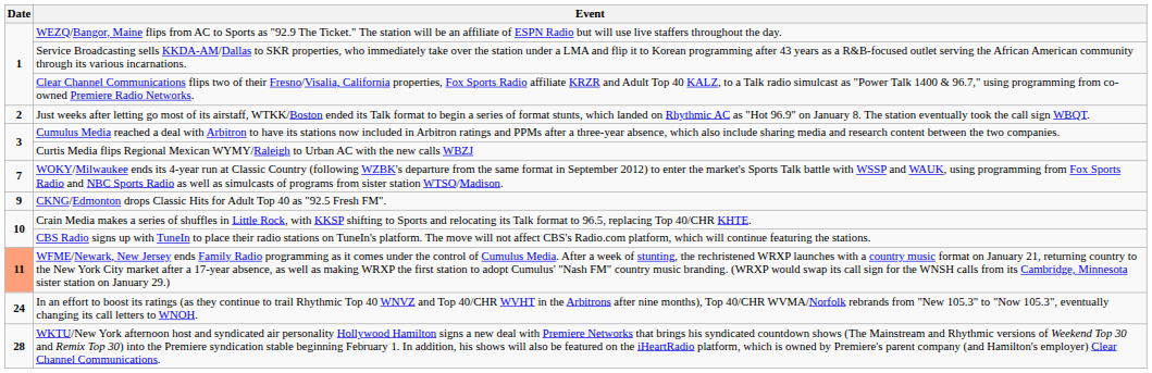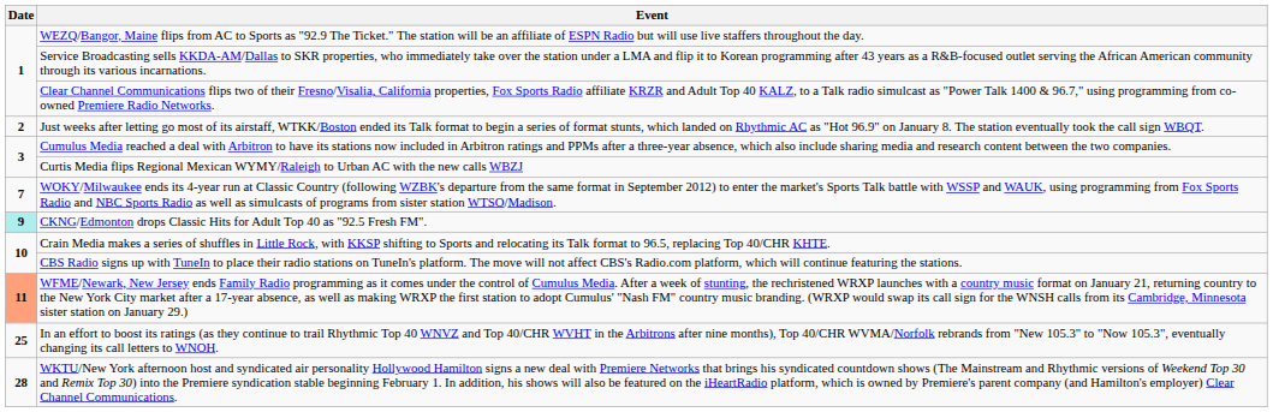 <table class="wikitable">
 <tr>
 <th>Date</th>
 <th>Event</th>
 </tr>
 <tr>
 <td style="text-align:center;" rowspan=3><strong>1</strong></td>
 <td><a href='#'>WEZQ</a>/<a href='#'>Bangor, Maine</a> flips from AC to Sports as "92.9 The Ticket." The station will be an affiliate of <a href='#'>ESPN Radio</a> but will use live staffers throughout the day.</td>
 </tr>
 <tr>
 <td>Service Broadcasting sells <a href='#'>KKDA-AM</a>/<a href='#'>Dallas</a> to SKR properties, who immediately take over the station under a LMA and flip it to Korean programming after 43 years as a R&B-focused outlet serving the African American community through its various incarnations.</td>
 </tr>
 <tr>
 <td><a href='#'>Clear Channel Communications</a> flips two of their <a href='#'>Fresno</a>/<a href='#'>Visalia, California</a> properties, <a href='#'>Fox Sports Radio</a> affiliate <a href='#'>KRZR</a> and Adult Top 40 <a href='#'>KALZ</a>, to a Talk radio simulcast as "Power Talk 1400 & 96.7," using programming from co-owned <a href='#'>Premiere Radio Networks</a>.</td>
 </tr>
 <tr>
 <td style="text-align:center;"><strong>2</strong></td>
 <td>Just weeks after letting go most of its airstaff, WTKK/<a href='#'>Boston</a> ended its Talk format to begin a series of format stunts, which landed on <a href='#'>Rhythmic AC</a> as "Hot 96.9" on January 8. The station eventually took the call sign <a href='#'>WBQT</a>.</td>
 </tr>
 <tr>
 <td style="text-align:center;" rowspan=2><strong>3</strong></td>
 <td><a href='#'>Cumulus Media</a> reached a deal with <a href='#'>Arbitron</a> to have its stations now included in Arbitron ratings and PPMs after a three-year absence, which also include sharing media and research content between the two companies.</td>
 </tr>
 <tr>
 <td>Curtis Media flips Regional Mexican WYMY/<a href='#'>Raleigh</a> to Urban AC with the new calls <a href='#'>WBZJ</a></td>
 </tr>
 <tr>
 <td style="text-align:center;"><strong>7</strong></td>
 <td><a href='#'>WOKY</a>/<a href='#'>Milwaukee</a> ends its 4-year run at Classic Country (following <a href='#'>WZBK</a>'s departure from the same format in September 2012) to enter the market's Sports Talk battle with <a href='#'>WSSP</a> and <a href='#'>WAUK</a>, using programming from <a href='#'>Fox Sports Radio</a> and <a href='#'>NBC Sports Radio</a> as well as simulcasts of programs from sister station <a href='#'>WTSO</a>/<a href='#'>Madison</a>.</td>
 </tr>
 <tr>
-<td style="text-align:center;"><strong>9</strong></td>
+<td style="background: paleturquoise; text-align:center;"><strong>9</strong></td>
 <td><a href='#'>CKNG</a>/<a href='#'>Edmonton</a> drops Classic Hits for Adult Top 40 as "92.5 Fresh FM".</td>
 </tr>
 <tr>
 <td style="text-align:center;" rowspan=2><strong>10</strong></td>
 <td>Crain Media makes a series of shuffles in <a href='#'>Little Rock</a>, with <a href='#'>KKSP</a> shifting to Sports and relocating its Talk format to 96.5, replacing Top 40/CHR <a href='#'>KHTE</a>.</td>
 </tr>
 <tr>
 <td><a href='#'>CBS Radio</a> signs up with <a href='#'>TuneIn</a> to place their radio stations on TuneIn's platform. The move will not affect CBS's Radio.com platform, which will continue featuring the stations.</td>
 </tr>
 <tr>
 <td style="background: lightsalmon; text-align:center;"><strong>11</strong></td>
 <td><a href='#'>WFME</a>/<a href='#'>Newark, New Jersey</a> ends <a href='#'>Family Radio</a> programming as it comes under the control of <a href='#'>Cumulus Media</a>. After a week of <a href='#'>stunting</a>, the rechristened WRXP launches with a <a href='#'>country music</a> format on January 21, returning country to the New York City market after a 17-year absence, as well as making WRXP the first station to adopt Cumulus' "Nash FM" country music branding. (WRXP would swap its call sign for the WNSH calls from its <a href='#'>Cambridge, Minnesota</a> sister station on January 29.)</td>
 </tr>
 <tr>
-<td style="text-align:center;"><strong>24</strong></td>
+<td style="text-align:center;"><strong>25</strong></td>
 <td>In an effort to boost its ratings (as they continue to trail Rhythmic Top 40 <a href='#'>WNVZ</a> and Top 40/CHR <a href='#'>WVHT</a> in the <a href='#'>Arbitrons</a> after nine months), Top 40/CHR WVMA/<a href='#'>Norfolk</a> rebrands from "New 105.3" to "Now 105.3", eventually changing its call letters to <a href='#'>WNOH</a>.</td>
 </tr>
 <tr>
 <td style="text-align:center;"><strong>28</strong></td>
 <td><a href='#'>WKTU</a>/New York afternoon host and syndicated air personality <a href='#'>Hollywood Hamilton</a> signs a new deal with <a href='#'>Premiere Networks</a> that brings his syndicated countdown shows (The Mainstream and Rhythmic versions of <em>Weekend Top 30</em> and <em>Remix Top 30</em>) into the Premiere syndication stable beginning February 1. In addition, his shows will also be featured on the <a href='#'>iHeartRadio</a> platform, which is owned by Premiere's parent company (and Hamilton's employer) <a href='#'>Clear Channel Communications</a>.</td>
 </tr>
 </table>
